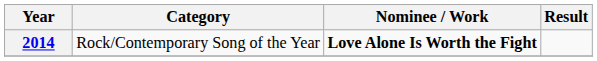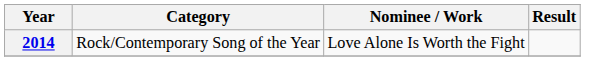 <table class="wikitable">
 <tr>
 <th style="width:60px;">Year</th>
 <th>Category</th>
 <th>Nominee / Work</th>
 <th>Result</th>
 </tr>
 <tr>
 <th rowspan="1"><a href='#'>2014</a></th>
 <td>Rock/Contemporary Song of the Year</td>
-<td><strong>Love Alone Is Worth the Fight</strong></td>
+<td>Love Alone Is Worth the Fight</td>
 <td></td>
 </tr>
 <tr>
 </tr>
 </table>
